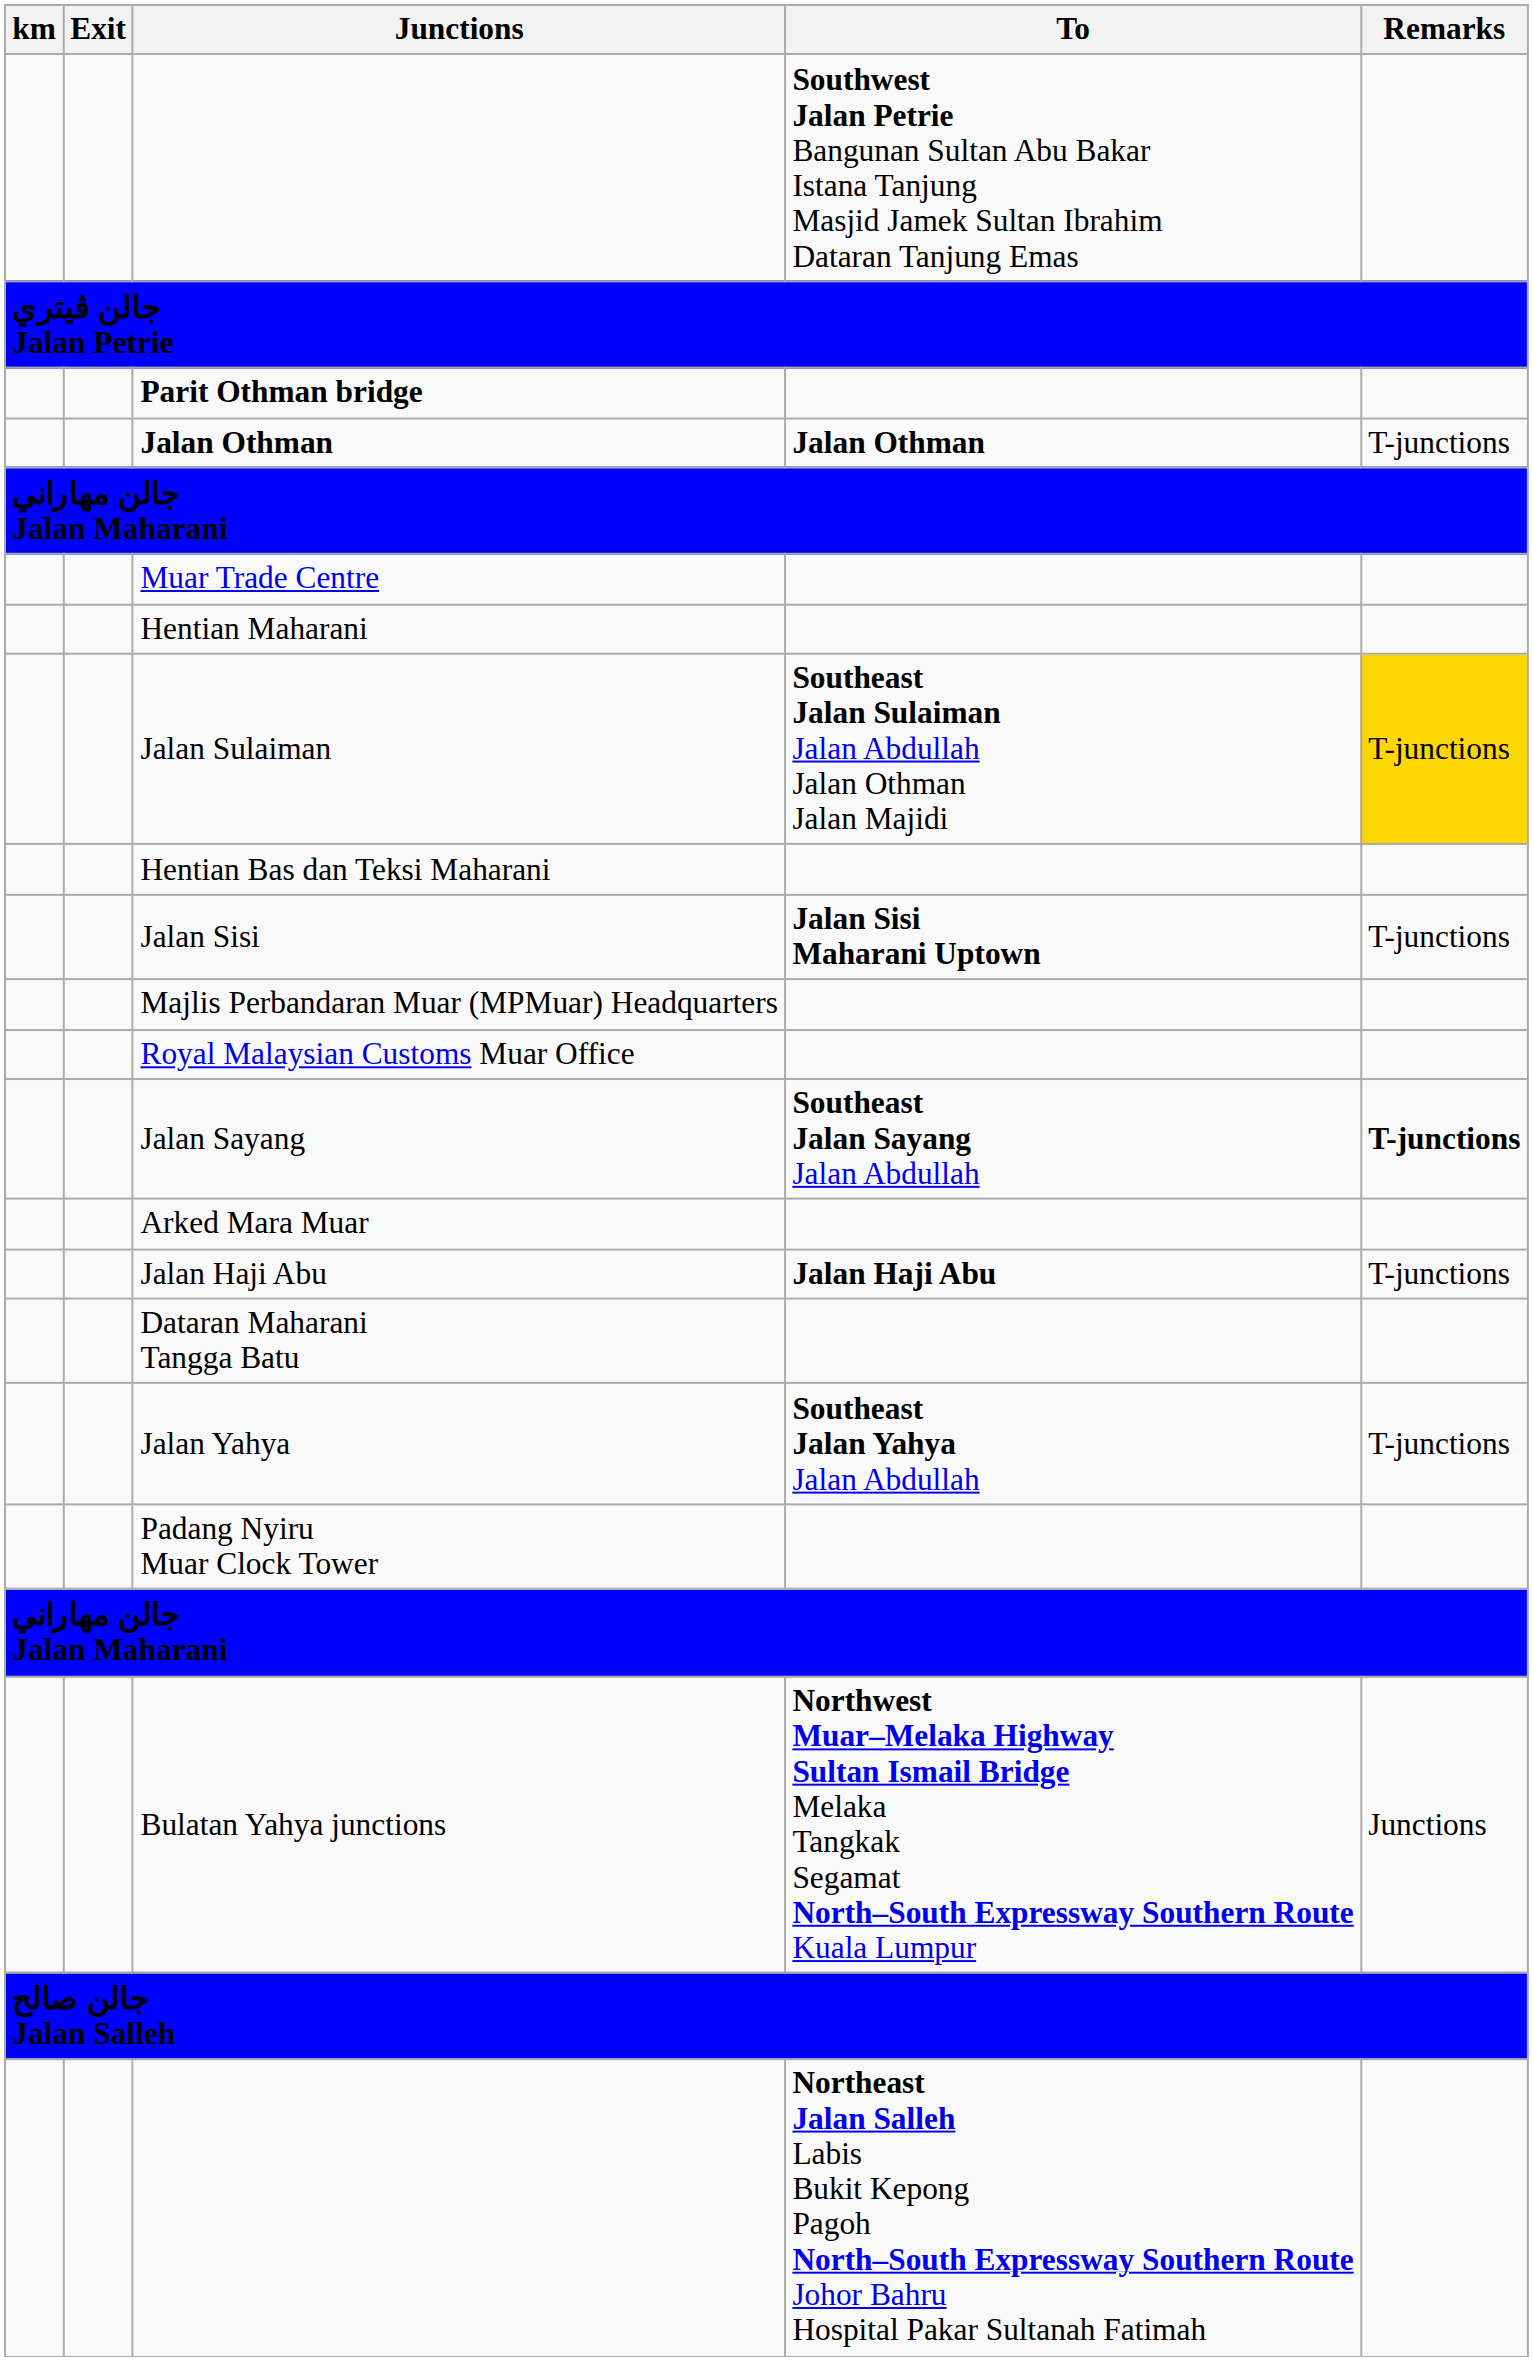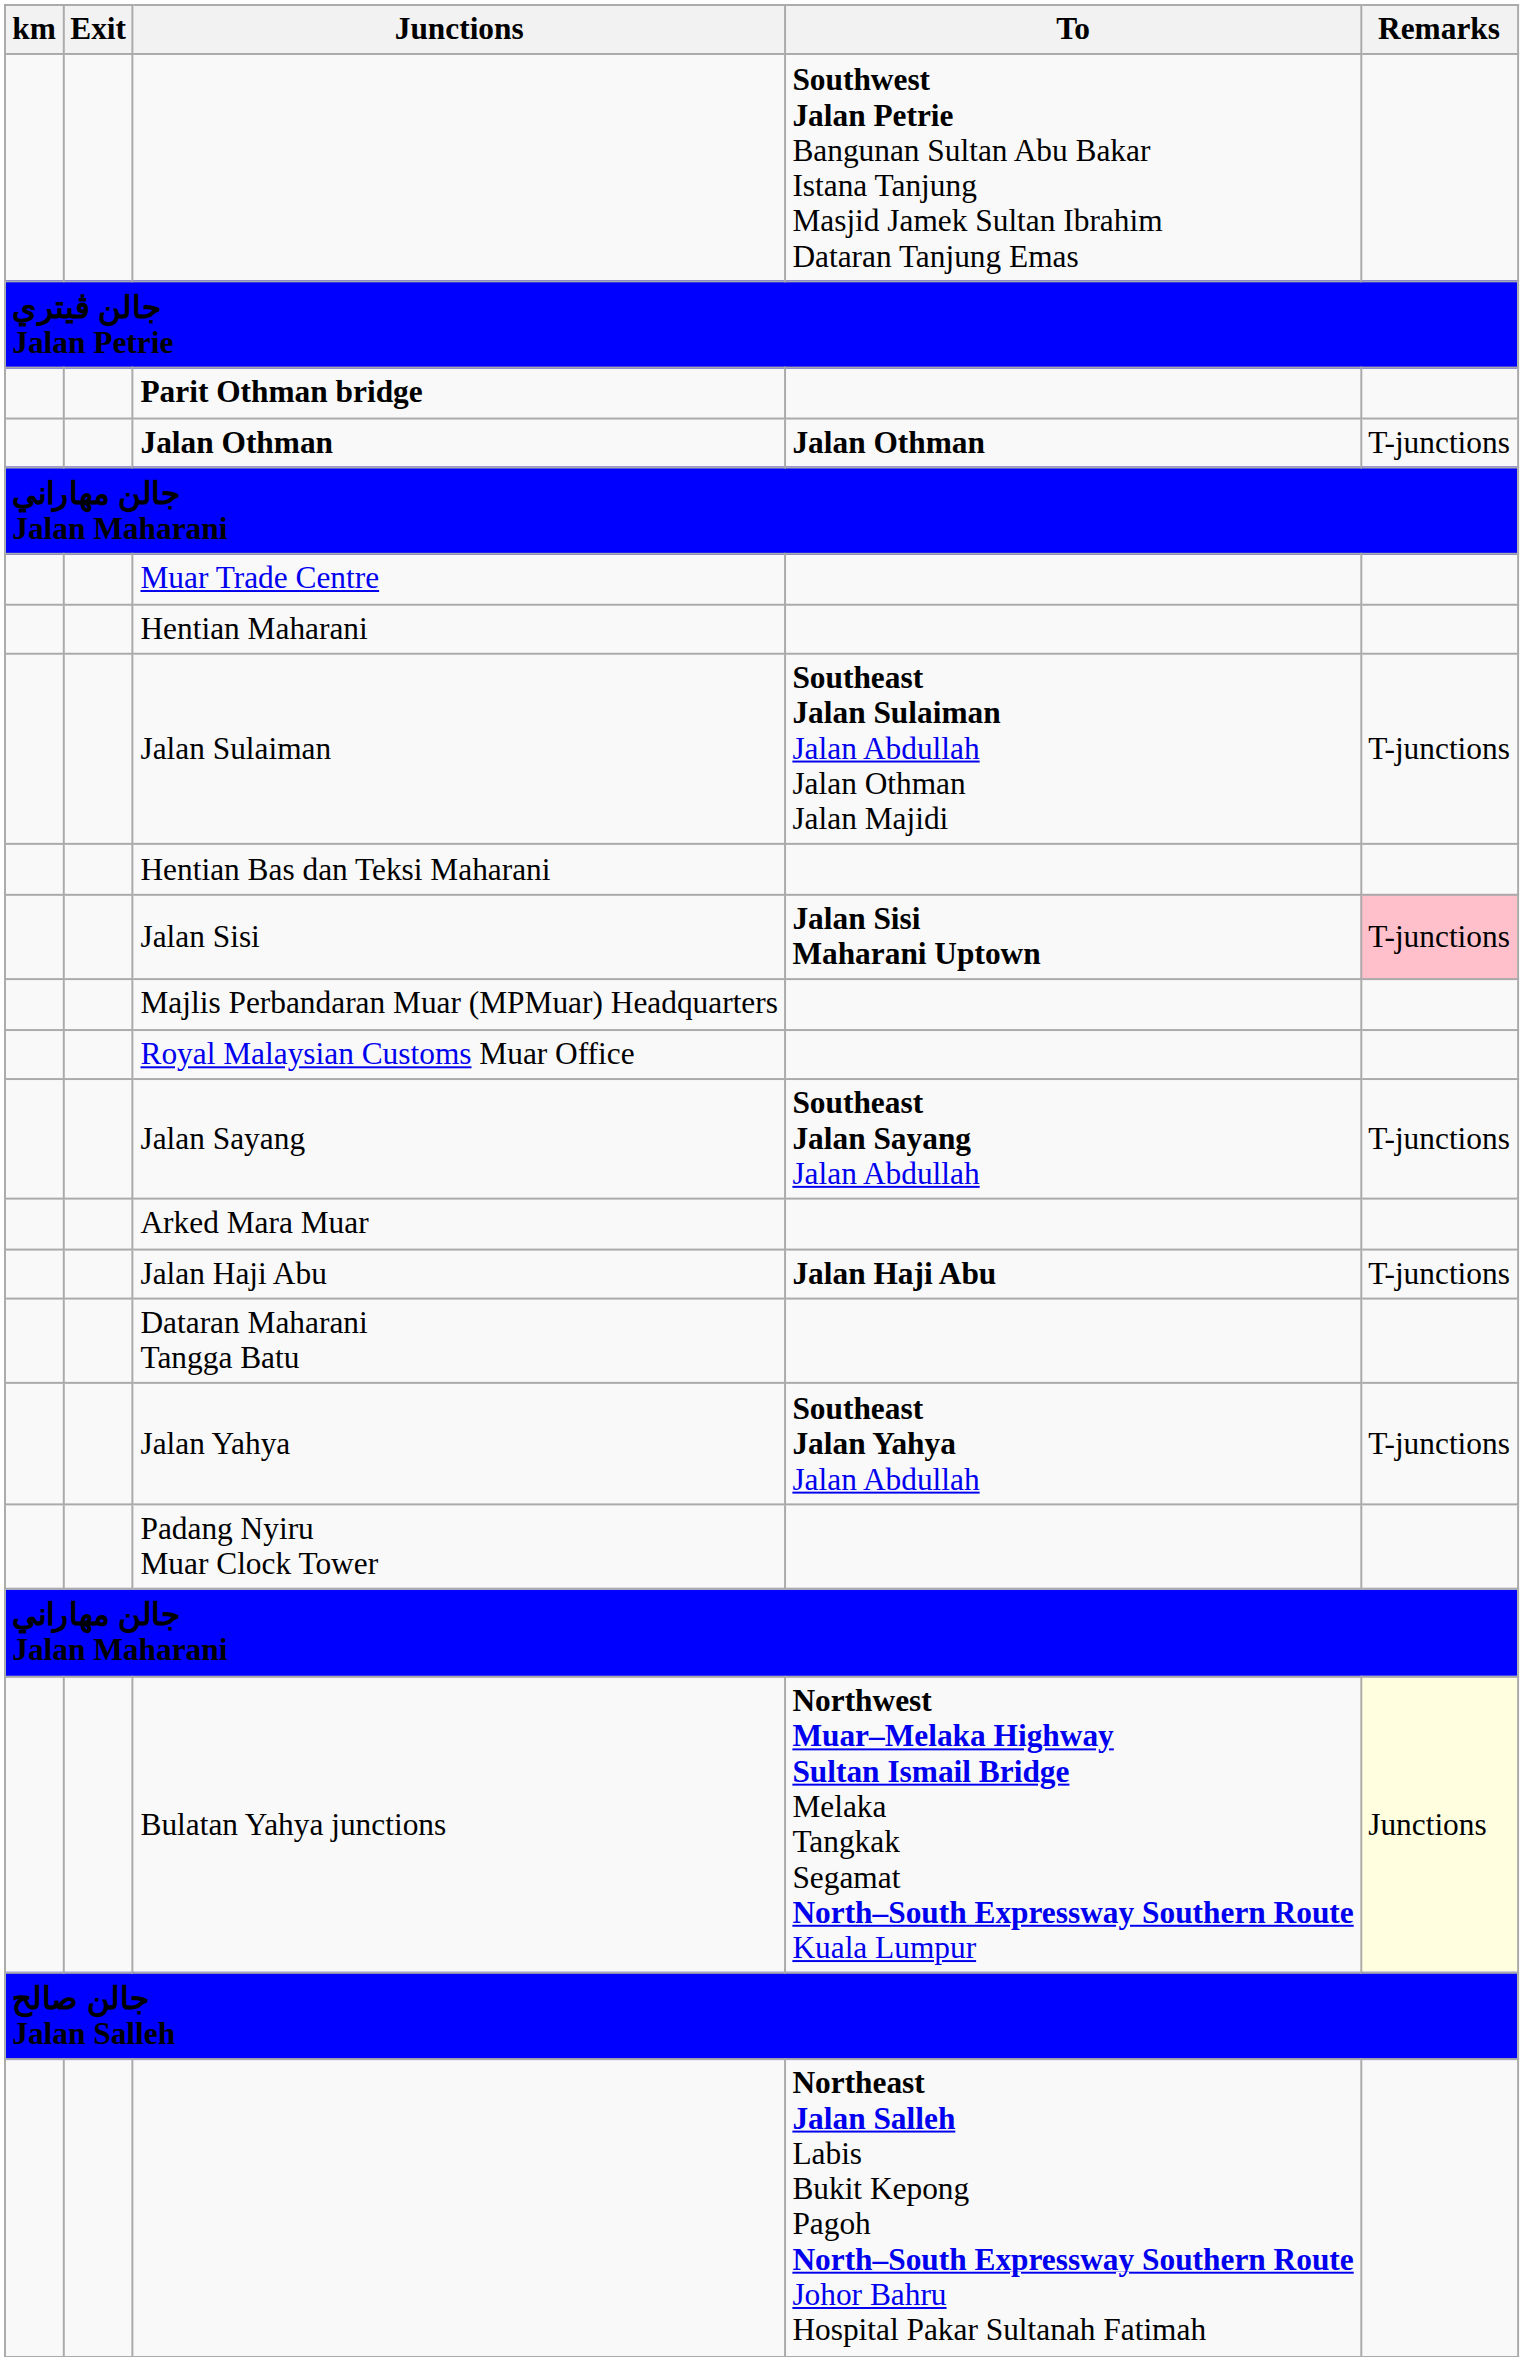 <table class="wikitable">
 <tr>
 <th>km</th>
 <th>Exit</th>
 <th>Junctions</th>
 <th>To</th>
 <th>Remarks</th>
 </tr>
 <tr>
 <td></td>
 <td></td>
 <td></td>
 <td><strong>Southwest</strong><br><strong>Jalan Petrie</strong><br>Bangunan Sultan Abu Bakar<br>Istana Tanjung<br>Masjid Jamek Sultan Ibrahim<br>Dataran Tanjung Emas</td>
 <td></td>
 </tr>
 <tr>
 <td style="width:600px" colspan="6" style="text-align:center" bgcolor="blue"><strong><span>جالن ڤيتري<br>Jalan Petrie</span></strong></td>
 </tr>
 <tr>
 <td></td>
 <td></td>
 <td><strong>Parit Othman bridge</strong></td>
 <td></td>
 <td></td>
 </tr>
 <tr>
 <td></td>
 <td></td>
 <td><strong>Jalan Othman</strong></td>
 <td><strong>Jalan Othman</strong></td>
 <td>T-junctions</td>
 </tr>
 <tr>
 <td style="width:600px" colspan="6" style="text-align:center" bgcolor="blue"><strong><span>جالن مهاراني<br>Jalan Maharani</span></strong></td>
 </tr>
 <tr>
 <td></td>
 <td></td>
 <td><a href='#'>Muar Trade Centre</a></td>
 <td></td>
 <td></td>
 </tr>
 <tr>
 <td></td>
 <td></td>
 <td>Hentian Maharani</td>
 <td></td>
 <td></td>
 </tr>
 <tr>
 <td></td>
 <td></td>
 <td>Jalan Sulaiman</td>
 <td><strong>Southeast</strong><br><strong>Jalan Sulaiman</strong><br><a href='#'>Jalan Abdullah</a><br>Jalan Othman<br>Jalan Majidi</td>
-<td style="background: gold;">T-junctions</td>
+<td>T-junctions</td>
 </tr>
 <tr>
 <td></td>
 <td></td>
 <td>Hentian Bas dan Teksi Maharani</td>
 <td></td>
 <td></td>
 </tr>
 <tr>
 <td></td>
 <td></td>
 <td>Jalan Sisi</td>
 <td><strong>Jalan Sisi</strong><br><strong>Maharani Uptown</strong></td>
-<td>T-junctions</td>
+<td style="background: pink;">T-junctions</td>
 </tr>
 <tr>
 <td></td>
 <td></td>
 <td>Majlis Perbandaran Muar (MPMuar) Headquarters</td>
 <td></td>
 <td></td>
 </tr>
 <tr>
 <td></td>
 <td></td>
 <td><a href='#'>Royal Malaysian Customs</a> Muar Office</td>
 <td></td>
 <td></td>
 </tr>
 <tr>
 <td></td>
 <td></td>
 <td>Jalan Sayang</td>
 <td><strong>Southeast</strong><br><strong>Jalan Sayang</strong><br><a href='#'>Jalan Abdullah</a></td>
-<td><strong>T-junctions</strong></td>
+<td>T-junctions</td>
 </tr>
 <tr>
 <td></td>
 <td></td>
 <td>Arked Mara Muar</td>
 <td></td>
 <td></td>
 </tr>
 <tr>
 <td></td>
 <td></td>
 <td>Jalan Haji Abu</td>
 <td><strong>Jalan Haji Abu</strong></td>
 <td>T-junctions</td>
 </tr>
 <tr>
 <td></td>
 <td></td>
 <td>Dataran Maharani<br>Tangga Batu</td>
 <td></td>
 <td></td>
 </tr>
 <tr>
 <td></td>
 <td></td>
 <td>Jalan Yahya</td>
 <td><strong>Southeast</strong><br><strong>Jalan Yahya</strong><br><a href='#'>Jalan Abdullah</a></td>
 <td>T-junctions</td>
 </tr>
 <tr>
 <td></td>
 <td></td>
 <td>Padang Nyiru<br>Muar Clock Tower</td>
 <td></td>
 <td></td>
 </tr>
 <tr>
 <td style="width:600px" colspan="6" style="text-align:center" bgcolor="blue"><strong><span>جالن مهاراني<br>Jalan Maharani</span></strong></td>
 </tr>
 <tr>
 <td></td>
 <td></td>
 <td>Bulatan Yahya junctions</td>
 <td><strong>Northwest</strong><br> <strong><a href='#'>Muar–Melaka Highway</a></strong><br><strong><a href='#'>Sultan Ismail Bridge</a></strong><br> Melaka<br> Tangkak<br> Segamat<br>  <strong><a href='#'>North–South Expressway Southern Route</a></strong><br><a href='#'>Kuala Lumpur</a></td>
-<td>Junctions</td>
+<td style="background: lightyellow;">Junctions</td>
 </tr>
 <tr>
 <td style="width:600px" colspan="6" style="text-align:center" bgcolor="blue"><strong><span>جالن صالح<br>Jalan Salleh</span></strong></td>
 </tr>
 <tr>
 <td></td>
 <td></td>
 <td></td>
 <td><strong>Northeast</strong><br> <strong><a href='#'>Jalan Salleh</a></strong><br> Labis<br> Bukit Kepong<br> Pagoh<br>  <strong><a href='#'>North–South Expressway Southern Route</a></strong><br><a href='#'>Johor Bahru</a><br>Hospital Pakar Sultanah Fatimah </td>
 <td></td>
 </tr>
 </table>
